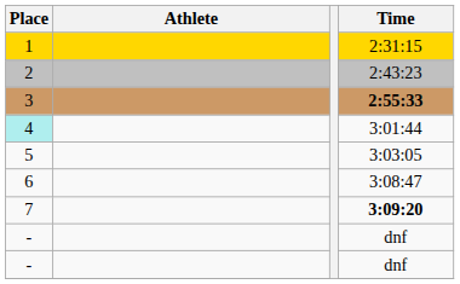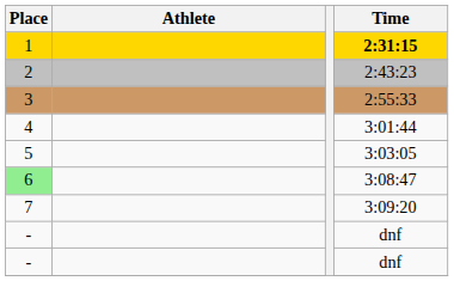 <table class="wikitable" style="text-align:center">
 <tr>
 <th>Place</th>
 <th width=250>Athlete</th>
 <th rowspan=27></th>
 <th width=100>Time</th>
 </tr>
 <tr bgcolor=gold>
 <td>1</td>
 <td align=left></td>
-<td>2:31:15</td>
+<td><strong>2:31:15</strong></td>
 </tr>
 <tr bgcolor=silver>
 <td>2</td>
 <td align=left></td>
 <td>2:43:23</td>
 </tr>
 <tr bgcolor=cc9966>
 <td>3</td>
 <td align=left></td>
-<td><strong>2:55:33</strong></td>
+<td>2:55:33</td>
 </tr>
 <tr>
-<td style="background: paleturquoise;">4</td>
+<td>4</td>
 <td align=left></td>
 <td>3:01:44</td>
 </tr>
 <tr>
 <td>5</td>
 <td align=left></td>
 <td>3:03:05</td>
 </tr>
 <tr>
-<td>6</td>
+<td style="background: lightgreen;">6</td>
 <td align=left></td>
 <td>3:08:47</td>
 </tr>
 <tr>
 <td>7</td>
 <td align=left></td>
-<td><strong>3:09:20</strong></td>
+<td>3:09:20</td>
 </tr>
 <tr>
 <td>-</td>
 <td align=left></td>
 <td>dnf</td>
 </tr>
 <tr>
 <td>-</td>
 <td align=left></td>
 <td>dnf</td>
 </tr>
 <tr>
 </tr>
 </table>
